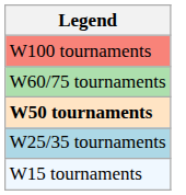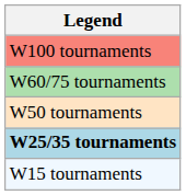 <table class="wikitable" style="font-size:85%">
 <tr>
 <th>Legend</th>
 </tr>
 <tr style="background:#f88379;">
 <td>W100 tournaments</td>
 </tr>
 <tr style="background:#addfad;">
 <td>W60/75 tournaments</td>
 </tr>
 <tr style="background:#ffe4c4;">
-<td><strong>W50 tournaments</strong></td>
+<td>W50 tournaments</td>
 </tr>
 <tr style="background:lightblue;">
-<td>W25/35 tournaments</td>
+<td><strong>W25/35 tournaments</strong></td>
 </tr>
 <tr style="background:#f0f8ff;">
 <td>W15 tournaments</td>
 </tr>
 </table>
